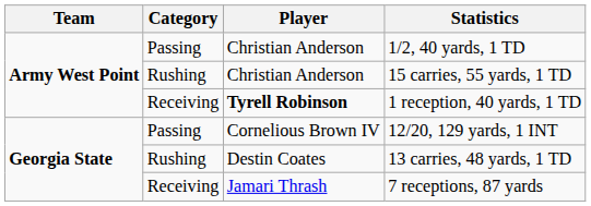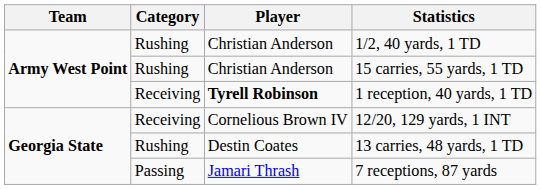 <table class="wikitable" style="float: left;">
 <tr>
 <th>Team</th>
 <th>Category</th>
 <th>Player</th>
 <th>Statistics</th>
 </tr>
 <tr>
 <td rowspan=3><strong>Army West Point</strong></td>
-<td>Passing</td>
+<td>Rushing</td>
 <td>Christian Anderson</td>
 <td>1/2, 40 yards, 1 TD</td>
 </tr>
 <tr>
 <td>Rushing</td>
 <td>Christian Anderson</td>
 <td>15 carries, 55 yards, 1 TD</td>
 </tr>
 <tr>
 <td>Receiving</td>
 <td><strong>Tyrell Robinson</strong></td>
 <td>1 reception, 40 yards, 1 TD</td>
 </tr>
 <tr>
 <td rowspan=3><strong>Georgia State</strong></td>
-<td>Passing</td>
+<td>Receiving</td>
 <td>Cornelious Brown IV</td>
 <td>12/20, 129 yards, 1 INT</td>
 </tr>
 <tr>
 <td>Rushing</td>
 <td>Destin Coates</td>
 <td>13 carries, 48 yards, 1 TD</td>
 </tr>
 <tr>
-<td>Receiving</td>
+<td>Passing</td>
 <td><a href='#'>Jamari Thrash</a></td>
 <td>7 receptions, 87 yards</td>
 </tr>
 </table>
